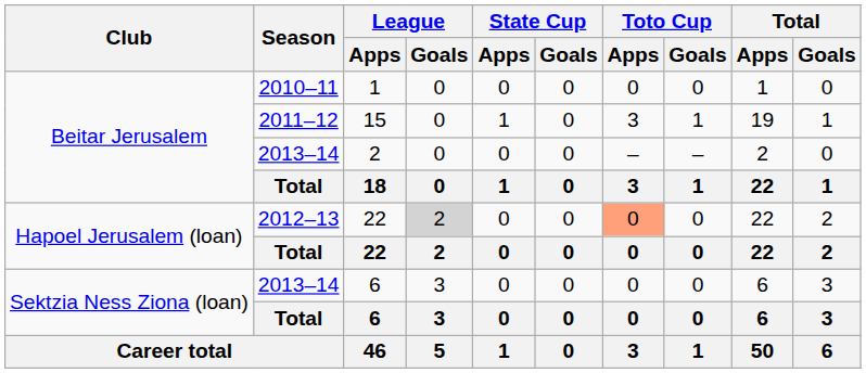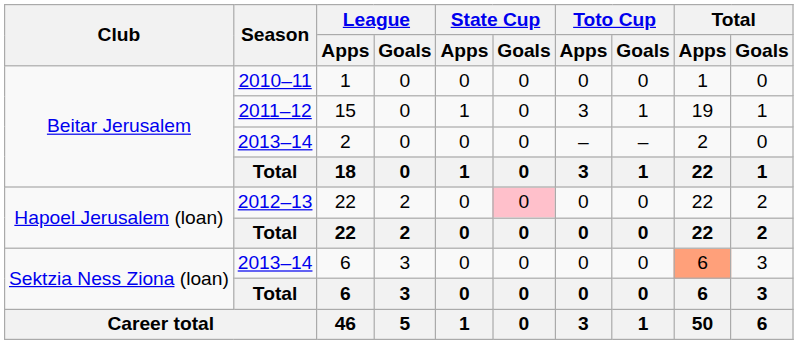 <table class="wikitable" border="1" style="font-size:100%; text-align: center;">
 <tr>
 <th rowspan="2">Club</th>
 <th rowspan="2">Season</th>
 <th colspan="2"><a href='#'>League</a></th>
 <th colspan="2"><a href='#'>State Cup</a></th>
 <th colspan="2"><a href='#'>Toto Cup</a></th>
 <th colspan="2">Total</th>
 </tr>
 <tr>
 <th>Apps</th>
 <th>Goals</th>
 <th>Apps</th>
 <th>Goals</th>
 <th>Apps</th>
 <th>Goals</th>
 <th>Apps</th>
 <th>Goals</th>
 </tr>
 <tr>
 <td rowspan="4" valign="center"><a href='#'>Beitar Jerusalem</a></td>
 <td><a href='#'>2010–11</a></td>
 <td>1</td>
 <td>0</td>
 <td>0</td>
 <td>0</td>
 <td>0</td>
 <td>0</td>
 <td>1</td>
 <td>0</td>
 </tr>
 <tr>
 <td><a href='#'>2011–12</a></td>
 <td>15</td>
 <td>0</td>
 <td>1</td>
 <td>0</td>
 <td>3</td>
 <td>1</td>
 <td>19</td>
 <td>1</td>
 </tr>
 <tr>
 <td><a href='#'>2013–14</a></td>
 <td>2</td>
 <td>0</td>
 <td>0</td>
 <td>0</td>
 <td>–</td>
 <td>–</td>
 <td>2</td>
 <td>0</td>
 </tr>
 <tr>
 <th>Total</th>
 <th>18</th>
 <th>0</th>
 <th>1</th>
 <th>0</th>
 <th>3</th>
 <th>1</th>
 <th>22</th>
 <th>1</th>
 </tr>
 <tr>
 <td rowspan="2" valign="center"><a href='#'>Hapoel Jerusalem</a> (loan)</td>
 <td><a href='#'>2012–13</a></td>
 <td>22</td>
-<td style="background: lightgrey;">2</td>
+<td>2</td>
 <td>0</td>
+<td style="background: pink;">0</td>
 <td>0</td>
-<td style="background: lightsalmon;">0</td>
 <td>0</td>
 <td>22</td>
 <td>2</td>
 </tr>
 <tr>
 <th>Total</th>
 <th>22</th>
 <th>2</th>
 <th>0</th>
 <th>0</th>
 <th>0</th>
 <th>0</th>
 <th>22</th>
 <th>2</th>
 </tr>
 <tr>
 <td rowspan="2" valign="center"><a href='#'>Sektzia Ness Ziona</a> (loan)</td>
 <td><a href='#'>2013–14</a></td>
 <td>6</td>
 <td>3</td>
 <td>0</td>
 <td>0</td>
 <td>0</td>
 <td>0</td>
-<td>6</td>
+<td style="background: lightsalmon;">6</td>
 <td>3</td>
 </tr>
 <tr>
 <th>Total</th>
 <th>6</th>
 <th>3</th>
 <th>0</th>
 <th>0</th>
 <th>0</th>
 <th>0</th>
 <th>6</th>
 <th>3</th>
 </tr>
 <tr>
 <th colspan="2">Career total</th>
 <th>46</th>
 <th>5</th>
 <th>1</th>
 <th>0</th>
 <th>3</th>
 <th>1</th>
 <th>50</th>
 <th>6</th>
 </tr>
 </table>
